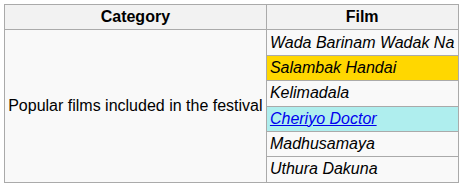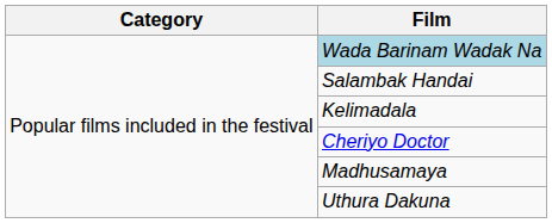 <table class="wikitable plainrowheaders sortable">
 <tr>
 <th scope="col">Category</th>
 <th scope="col">Film</th>
 </tr>
 <tr>
 <td rowspan=6>Popular films included in the festival</td>
-<td><em>Wada Barinam Wadak Na</em></td>
+<td style="background: lightblue;"><em>Wada Barinam Wadak Na</em></td>
 </tr>
 <tr>
-<td style="background: gold;"><em>Salambak Handai</em></td>
+<td><em>Salambak Handai</em></td>
 </tr>
 <tr>
 <td><em>Kelimadala</em></td>
 </tr>
 <tr>
-<td style="background: paleturquoise;"><em><a href='#'>Cheriyo Doctor</a></em></td>
+<td><em><a href='#'>Cheriyo Doctor</a></em></td>
 </tr>
 <tr>
 <td><em>Madhusamaya</em></td>
 </tr>
 <tr>
 <td><em>Uthura Dakuna</em></td>
 </tr>
 <tr>
 </tr>
 </table>
